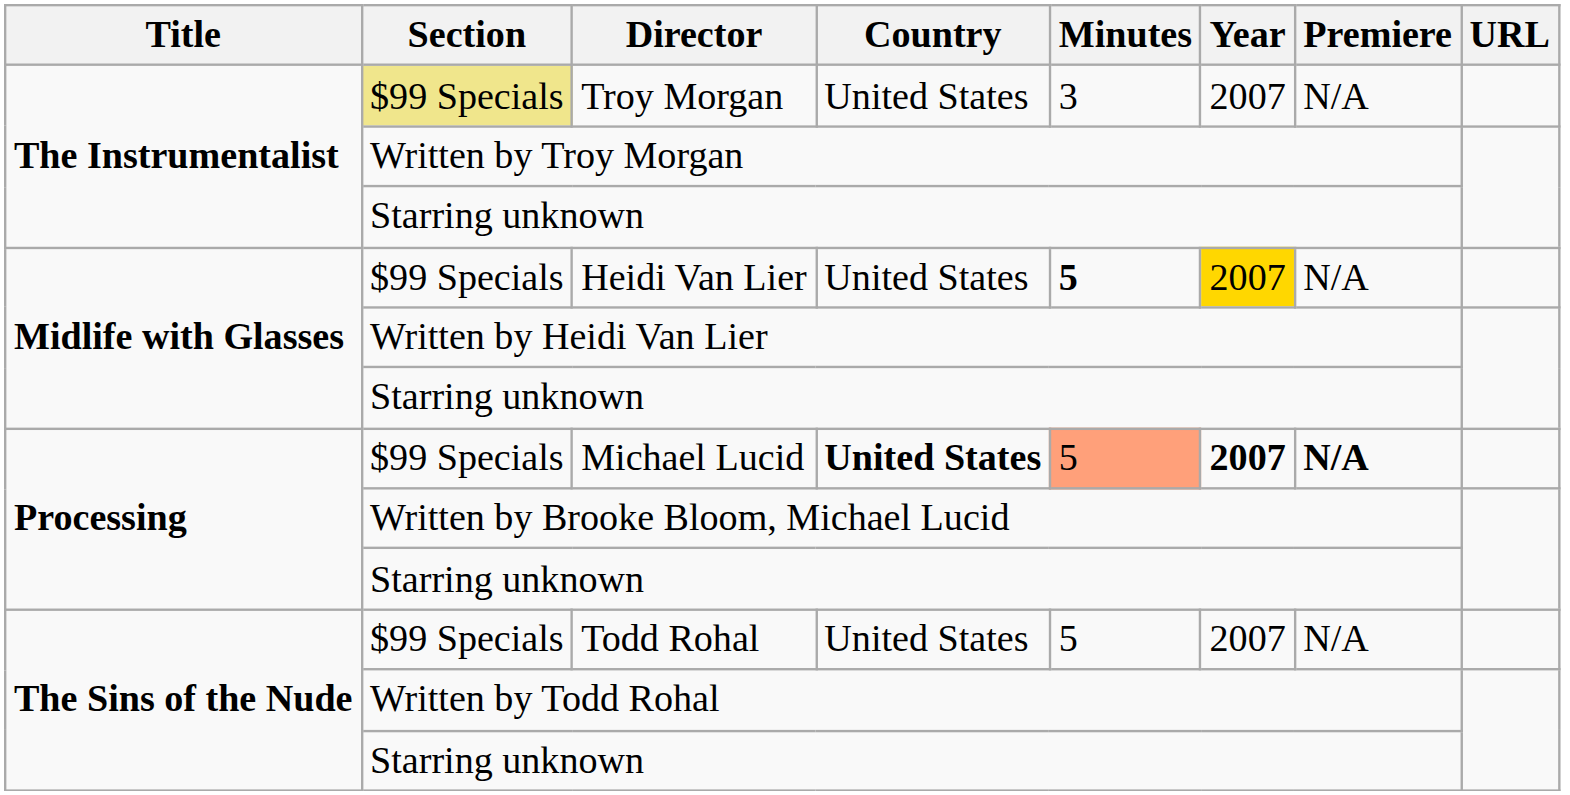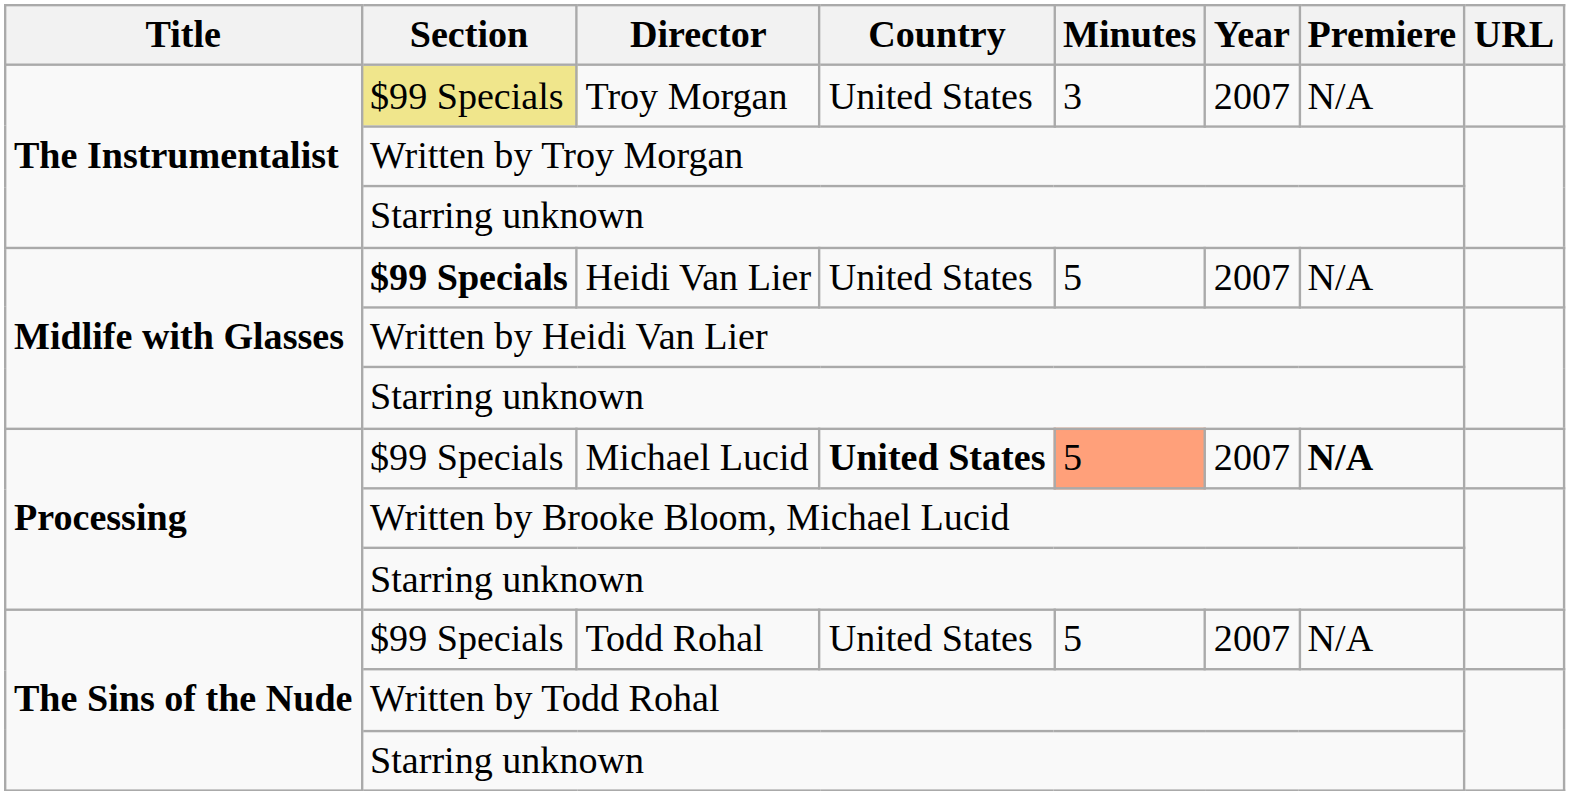 <table class="wikitable" style="text-align:left" div style="font-size:85%">
 <tr bgcolor="#ffffff">
 <th>Title</th>
 <th>Section</th>
 <th>Director</th>
 <th>Country</th>
 <th>Minutes</th>
 <th>Year</th>
 <th>Premiere</th>
 <th>URL</th>
 </tr>
 <tr>
 <td rowspan="3"><strong>The Instrumentalist</strong></td>
 <td style="background: khaki;">$99 Specials</td>
 <td>Troy Morgan</td>
 <td>United States</td>
 <td>3</td>
 <td>2007</td>
 <td>N/A</td>
 <td></td>
 </tr>
 <tr>
 <td colspan="6">Written by Troy Morgan</td>
 </tr>
 <tr>
 <td colspan="6">Starring unknown</td>
 </tr>
 <tr>
 <td rowspan="3"><strong>Midlife with Glasses</strong></td>
-<td>$99 Specials</td>
+<td><strong>$99 Specials</strong></td>
 <td>Heidi Van Lier</td>
 <td>United States</td>
-<td><strong>5</strong></td>
-<td style="background: gold;">2007</td>
+<td>5</td>
+<td>2007</td>
 <td>N/A</td>
 <td></td>
 </tr>
 <tr>
 <td colspan="6">Written by Heidi Van Lier</td>
 </tr>
 <tr>
 <td colspan="6">Starring unknown</td>
 </tr>
 <tr>
 <td rowspan="3"><strong>Processing</strong></td>
 <td>$99 Specials</td>
 <td>Michael Lucid</td>
 <td><strong>United States</strong></td>
 <td style="background: lightsalmon;">5</td>
-<td><strong>2007</strong></td>
+<td>2007</td>
 <td><strong>N/A</strong></td>
 <td></td>
 </tr>
 <tr>
 <td colspan="6">Written by Brooke Bloom, Michael Lucid</td>
 </tr>
 <tr>
 <td colspan="6">Starring unknown</td>
 </tr>
 <tr>
 <td rowspan="3"><strong>The Sins of the Nude</strong></td>
 <td>$99 Specials</td>
 <td>Todd Rohal</td>
 <td>United States</td>
 <td>5</td>
 <td>2007</td>
 <td>N/A</td>
 <td></td>
 </tr>
 <tr>
 <td colspan="6">Written by Todd Rohal</td>
 </tr>
 <tr>
 <td colspan="6">Starring unknown</td>
 </tr>
 </table>
